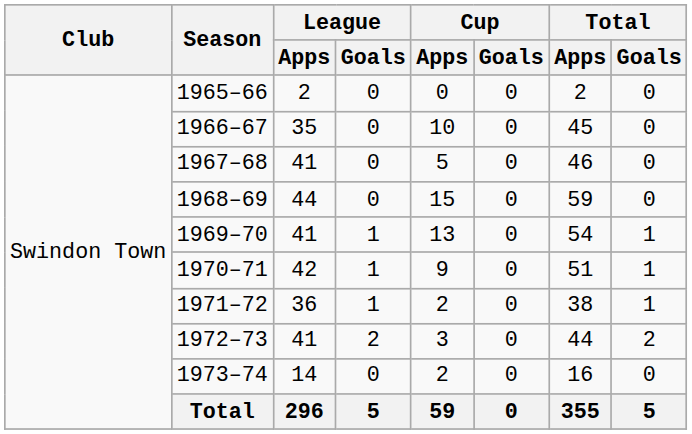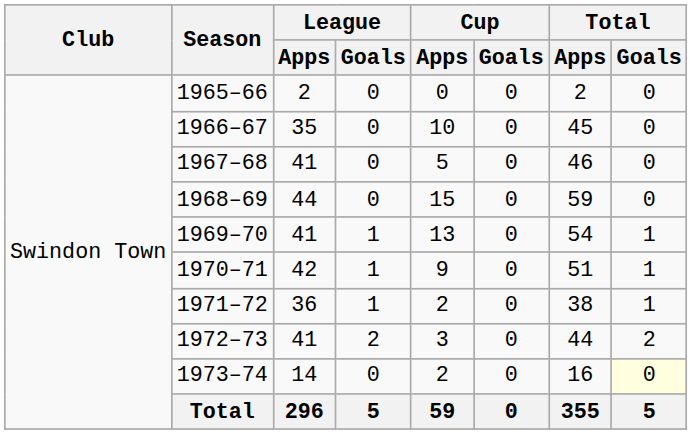 <table class="wikitable" style="text-align:center">
 <tr>
 <th rowspan="2">Club</th>
 <th rowspan="2">Season</th>
 <th colspan="2">League</th>
 <th colspan="2">Cup</th>
 <th colspan="2">Total</th>
 </tr>
 <tr>
 <th>Apps</th>
 <th>Goals</th>
 <th>Apps</th>
 <th>Goals</th>
 <th>Apps</th>
 <th>Goals</th>
 </tr>
 <tr>
 <td rowspan="10">Swindon Town</td>
 <td>1965–66</td>
 <td>2</td>
 <td>0</td>
 <td>0</td>
 <td>0</td>
 <td>2</td>
 <td>0</td>
 </tr>
 <tr>
 <td>1966–67</td>
 <td>35</td>
 <td>0</td>
 <td>10</td>
 <td>0</td>
 <td>45</td>
 <td>0</td>
 </tr>
 <tr>
 <td>1967–68</td>
 <td>41</td>
 <td>0</td>
 <td>5</td>
 <td>0</td>
 <td>46</td>
 <td>0</td>
 </tr>
 <tr>
 <td>1968–69</td>
 <td>44</td>
 <td>0</td>
 <td>15</td>
 <td>0</td>
 <td>59</td>
 <td>0</td>
 </tr>
 <tr>
 <td>1969–70</td>
 <td>41</td>
 <td>1</td>
 <td>13</td>
 <td>0</td>
 <td>54</td>
 <td>1</td>
 </tr>
 <tr>
 <td>1970–71</td>
 <td>42</td>
 <td>1</td>
 <td>9</td>
 <td>0</td>
 <td>51</td>
 <td>1</td>
 </tr>
 <tr>
 <td>1971–72</td>
 <td>36</td>
 <td>1</td>
 <td>2</td>
 <td>0</td>
 <td>38</td>
 <td>1</td>
 </tr>
 <tr>
 <td>1972–73</td>
 <td>41</td>
 <td>2</td>
 <td>3</td>
 <td>0</td>
 <td>44</td>
 <td>2</td>
 </tr>
 <tr>
 <td>1973–74</td>
 <td>14</td>
 <td>0</td>
 <td>2</td>
 <td>0</td>
 <td>16</td>
-<td>0</td>
+<td style="background: lightyellow;">0</td>
 </tr>
 <tr>
 <th>Total</th>
 <th>296</th>
 <th>5</th>
 <th>59</th>
 <th>0</th>
 <th>355</th>
 <th>5</th>
 </tr>
 </table>
